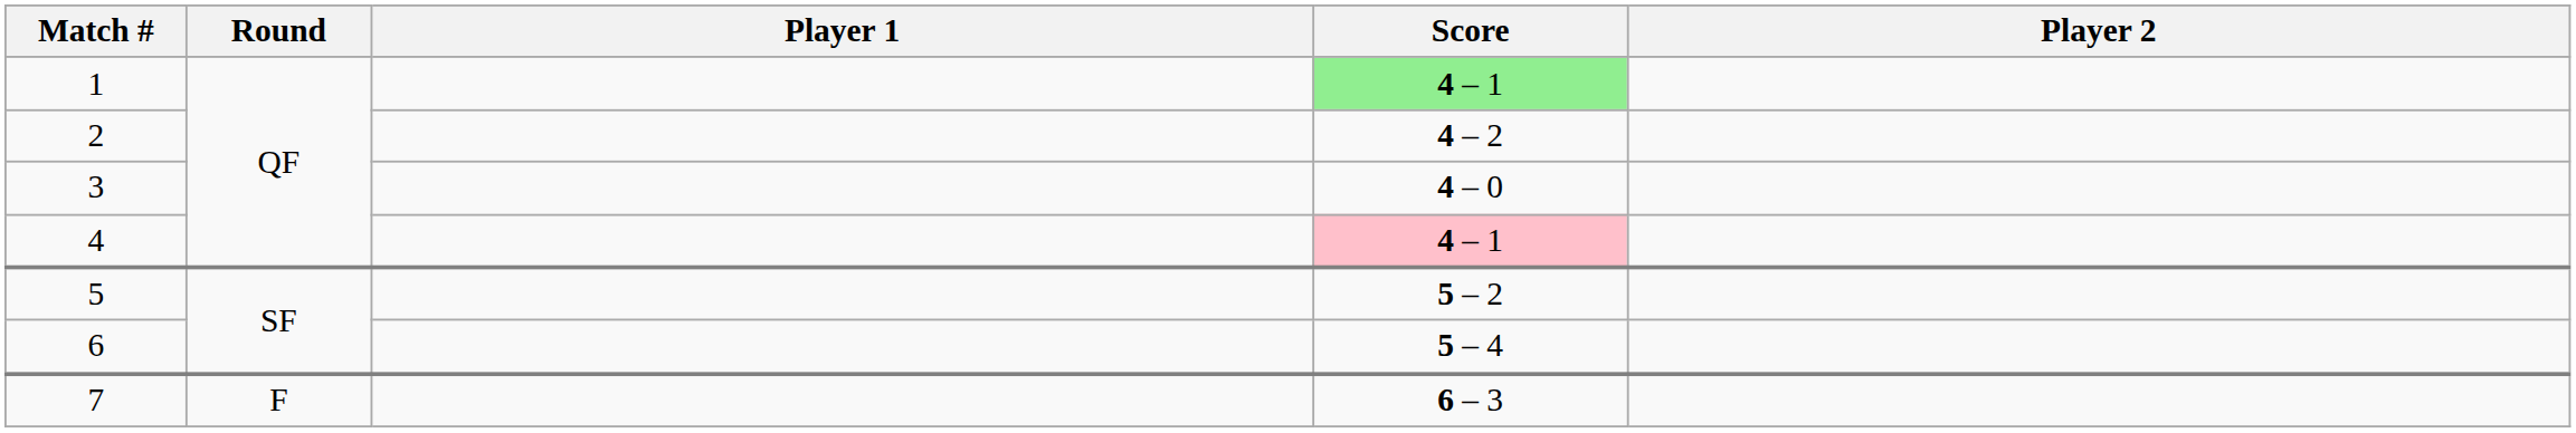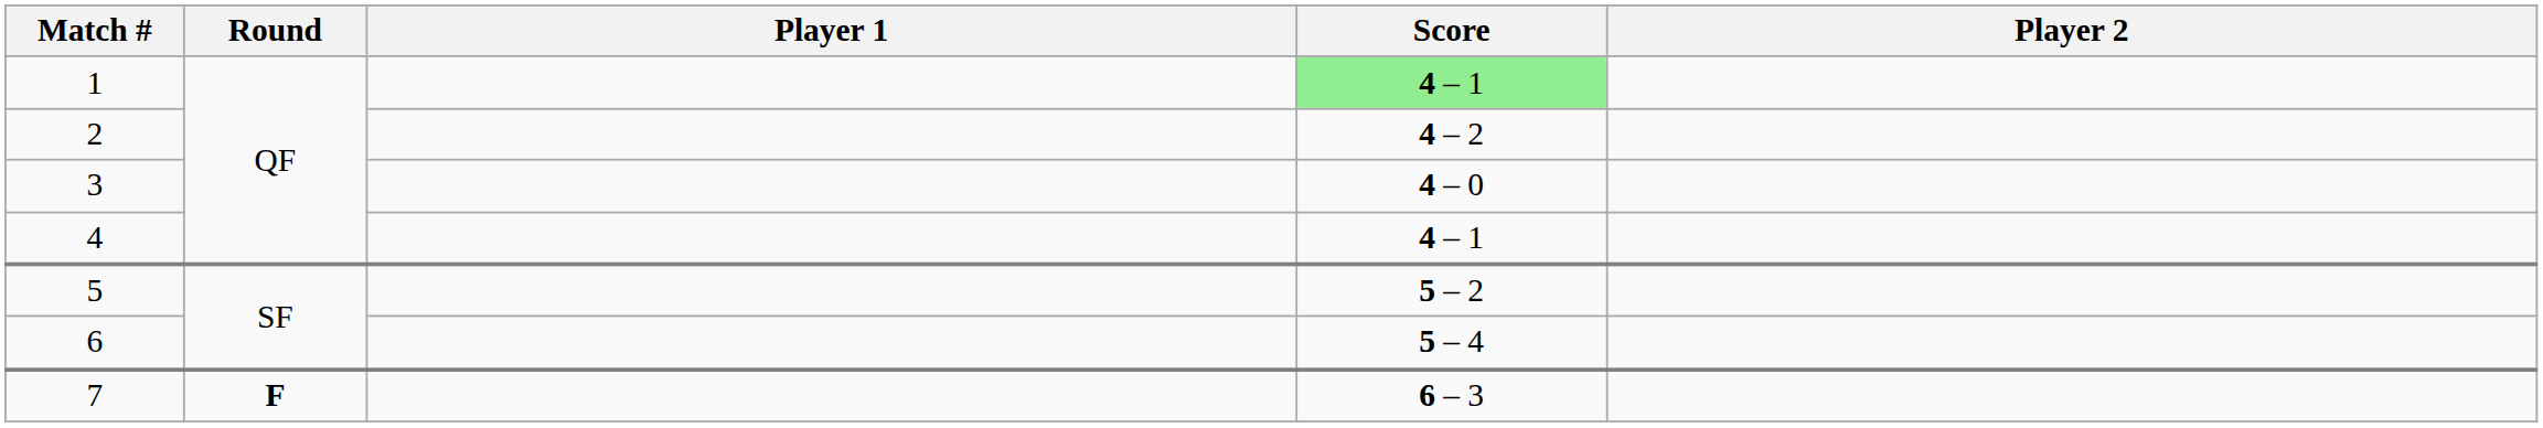 <table class="wikitable">
 <tr>
 <th width="2%">Match #</th>
 <th width="2%">Round</th>
 <th width="15%">Player 1</th>
 <th width="5%">Score</th>
 <th width="15%">Player 2</th>
 </tr>
 <tr style="text-align:center;">
 <td>1</td>
 <td rowspan=4>QF</td>
 <td></td>
 <td style="background: lightgreen;"><strong>4</strong> – 1</td>
 <td></td>
 </tr>
 <tr style="text-align:center;">
 <td>2</td>
 <td></td>
 <td><strong>4</strong> – 2</td>
 <td></td>
 </tr>
 <tr style="text-align:center;">
 <td>3</td>
 <td></td>
 <td><strong>4</strong> – 0</td>
 <td></td>
 </tr>
 <tr style="text-align:center;">
 <td>4</td>
 <td></td>
-<td style="background: pink;"><strong>4</strong> – 1</td>
+<td><strong>4</strong> – 1</td>
 <td></td>
 </tr>
 <tr style="text-align:center;border-top:solid gray 2px;">
 <td>5</td>
 <td rowspan=2>SF</td>
 <td></td>
 <td><strong>5</strong> – 2</td>
 <td></td>
 </tr>
 <tr style="text-align:center;">
 <td>6</td>
 <td></td>
 <td><strong>5</strong> – 4</td>
 <td></td>
 </tr>
 <tr style="text-align:center;border-top:solid gray 2px;">
 <td>7</td>
-<td>F</td>
+<td><strong>F</strong></td>
 <td></td>
 <td><strong>6</strong> – 3</td>
 <td></td>
 </tr>
 </table>
